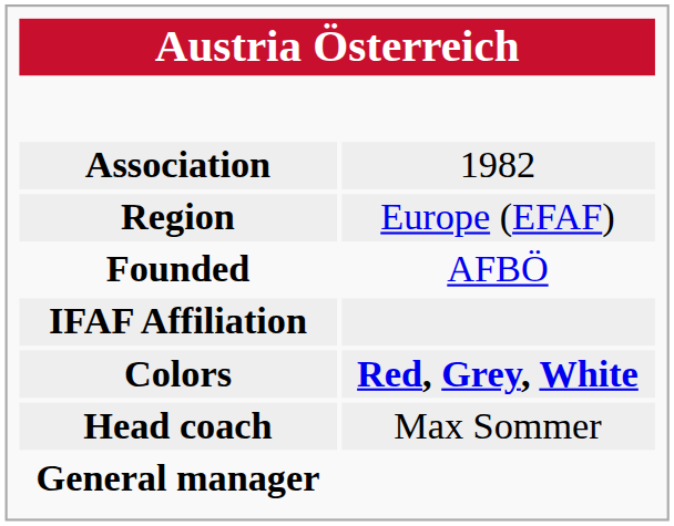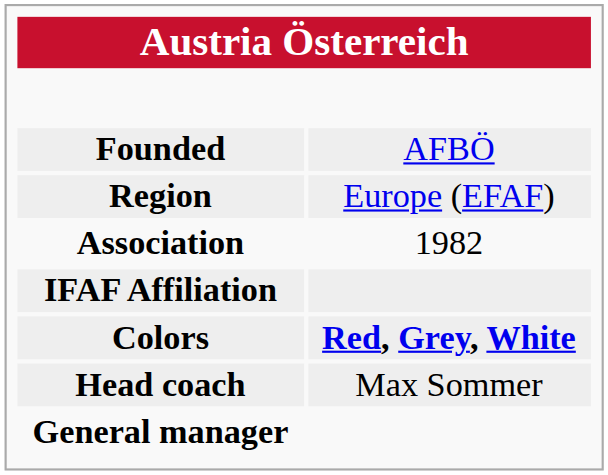 <table class="infobox" width=280>
 <tr align="center" bgcolor="#C8102E" style="color:white">
 <td colspan=2 style="text-align:center;"><big> <strong>Austria  Österreich</strong> </big></td>
 </tr>
 <tr>
 <td colspan="2"></td>
 </tr>
 <tr align="center">
 <td colspan="2"><br></td>
 </tr>
 <tr align="center" bgcolor="#eeeeee">
-<td><strong>Association</strong></td>
-<td>1982</td>
+<td><strong>Founded</strong></td>
+<td><a href='#'>AFBÖ</a></td>
 </tr>
 <tr align="center" bgcolor="#eeeeee">
 <td><strong>Region</strong></td>
 <td><a href='#'>Europe</a> (<a href='#'>EFAF</a>)</td>
 </tr>
 <tr align="center">
-<td><strong>Founded</strong></td>
-<td><a href='#'>AFBÖ</a></td>
+<td><strong>Association</strong></td>
+<td>1982</td>
 </tr>
 <tr align="center" bgcolor="#eeeeee">
 <td><strong>IFAF Affiliation</strong></td>
 <td></td>
 </tr>
 <tr align="center" bgcolor="#eeeeee">
 <td><strong>Colors</strong></td>
 <td><strong><a href='#'>Red</a>, <a href='#'>Grey</a>, <a href='#'>White</a></strong></td>
 </tr>
 <tr align="center" bgcolor="#eeeeee">
 <td><strong>Head coach</strong></td>
 <td>Max Sommer</td>
 </tr>
 <tr align="center">
 <td><strong>General manager</strong></td>
 <td></td>
 </tr>
 <tr align="center" bgcolor="#eeeeee">
 </tr>
 </table>
